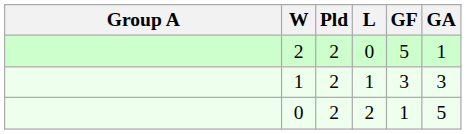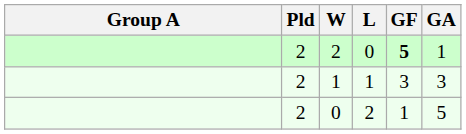 <table class=wikitable style="text-align:center">
 <tr>
 <th width=220>Group A</th>
+<th width=20>Pld</th>
 <th width=20>W</th>
-<th width=20>Pld</th>
 <th width=20>L</th>
 <th width=20>GF</th>
 <th width=20>GA</th>
 </tr>
 <tr bgcolor=ccffcc>
 <td align=left></td>
 <td>2</td>
 <td>2</td>
 <td>0</td>
-<td>5</td>
+<td><strong>5</strong></td>
 <td>1</td>
 </tr>
 <tr bgcolor=eeffee>
 <td align=left></td>
+<td>2</td>
 <td>1</td>
-<td>2</td>
 <td>1</td>
 <td>3</td>
 <td>3</td>
 </tr>
 <tr bgcolor=eeffee>
 <td align=left></td>
+<td>2</td>
 <td>0</td>
-<td>2</td>
 <td>2</td>
 <td>1</td>
 <td>5</td>
 </tr>
 </table>
